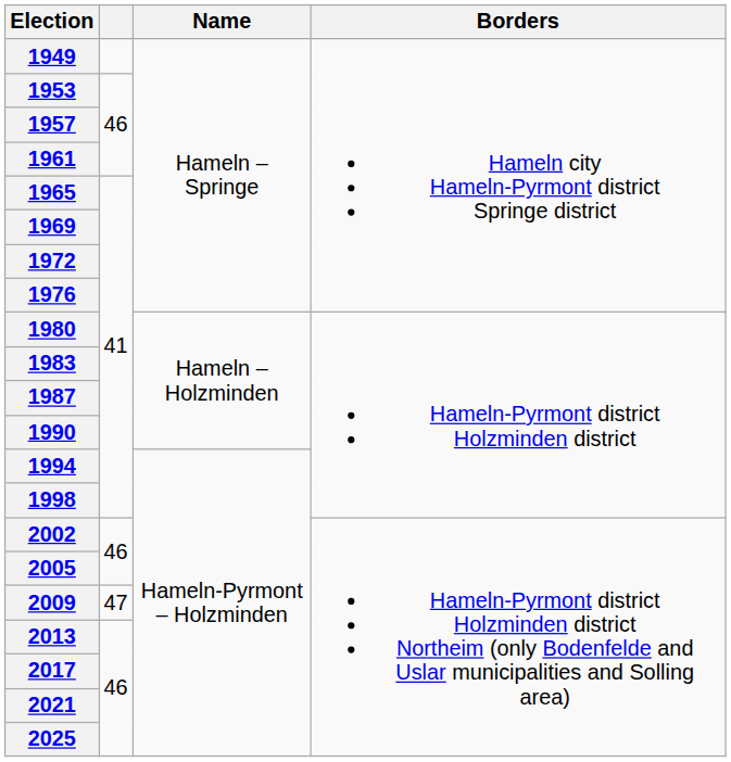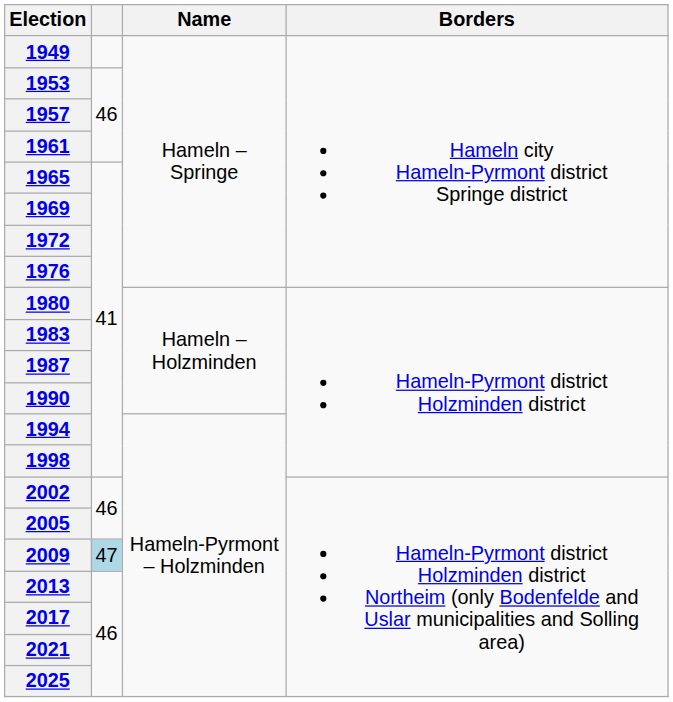 <table class=wikitable style="text-align:center">
 <tr>
 <th>Election</th>
 <th></th>
 <th width=125px>Name</th>
 <th width=300px>Borders</th>
 </tr>
 <tr>
 <th><a href='#'>1949</a></th>
 <td></td>
 <td rowspan=8>Hameln – Springe</td>
 <td rowspan=8><br><ul><li><a href='#'>Hameln</a> city</li><li><a href='#'>Hameln-Pyrmont</a> district</li><li>Springe district</li></ul></td>
 </tr>
 <tr>
 <th><a href='#'>1953</a></th>
 <td rowspan=3>46</td>
 </tr>
 <tr>
 <th><a href='#'>1957</a></th>
 </tr>
 <tr>
 <th><a href='#'>1961</a></th>
 </tr>
 <tr>
 <th><a href='#'>1965</a></th>
 <td rowspan=10>41</td>
 </tr>
 <tr>
 <th><a href='#'>1969</a></th>
 </tr>
 <tr>
 <th><a href='#'>1972</a></th>
 </tr>
 <tr>
 <th><a href='#'>1976</a></th>
 </tr>
 <tr>
 <th><a href='#'>1980</a></th>
 <td rowspan=4>Hameln – Holzminden</td>
 <td rowspan=6><br><ul><li><a href='#'>Hameln-Pyrmont</a> district</li><li><a href='#'>Holzminden</a> district</li></ul></td>
 </tr>
 <tr>
 <th><a href='#'>1983</a></th>
 </tr>
 <tr>
 <th><a href='#'>1987</a></th>
 </tr>
 <tr>
 <th><a href='#'>1990</a></th>
 </tr>
 <tr>
 <th><a href='#'>1994</a></th>
 <td rowspan=9>Hameln-Pyrmont – Holzminden</td>
 </tr>
 <tr>
 <th><a href='#'>1998</a></th>
 </tr>
 <tr>
 <th><a href='#'>2002</a></th>
 <td rowspan=2>46</td>
 <td rowspan=7><br><ul><li><a href='#'>Hameln-Pyrmont</a> district</li><li><a href='#'>Holzminden</a> district</li><li><a href='#'>Northeim</a> (only <a href='#'>Bodenfelde</a> and <a href='#'>Uslar</a> municipalities and Solling area)</li></ul></td>
 </tr>
 <tr>
 <th><a href='#'>2005</a></th>
 </tr>
 <tr>
 <th><a href='#'>2009</a></th>
-<td>47</td>
+<td style="background: lightblue;">47</td>
 </tr>
 <tr>
 <th><a href='#'>2013</a></th>
 <td rowspan=4>46</td>
 </tr>
 <tr>
 <th><a href='#'>2017</a></th>
 </tr>
 <tr>
 <th><a href='#'>2021</a></th>
 </tr>
 <tr>
 <th><a href='#'>2025</a></th>
 </tr>
 </table>
